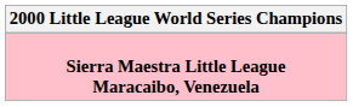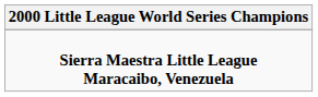 <table class="wikitable" style="text-align: center; grvvrhdhmargin: 0 auto;">
 <tr>
 <th>2000 Little League World Series Champions</th>
 </tr>
 <tr>
 </tr>
 <tr>
-<td style="background: pink;"><br><strong>Sierra Maestra Little League</strong><br><strong>Maracaibo, Venezuela</strong></td>
+<td><br><strong>Sierra Maestra Little League</strong><br><strong>Maracaibo, Venezuela</strong></td>
 </tr>
 </table>
